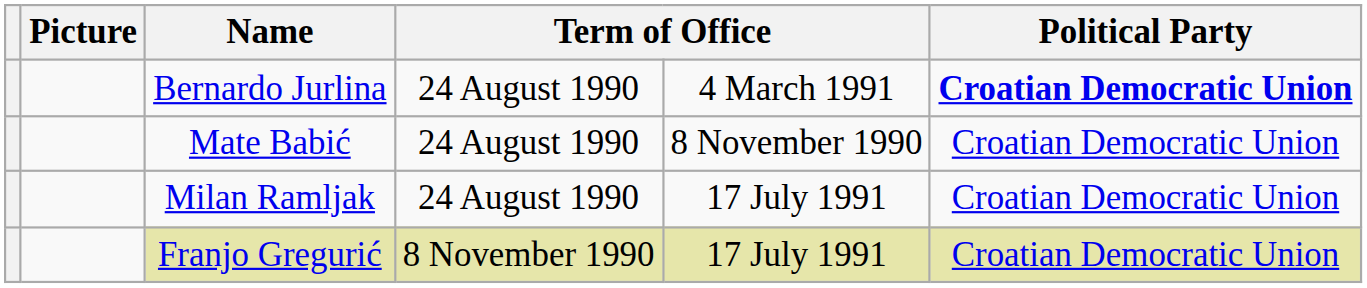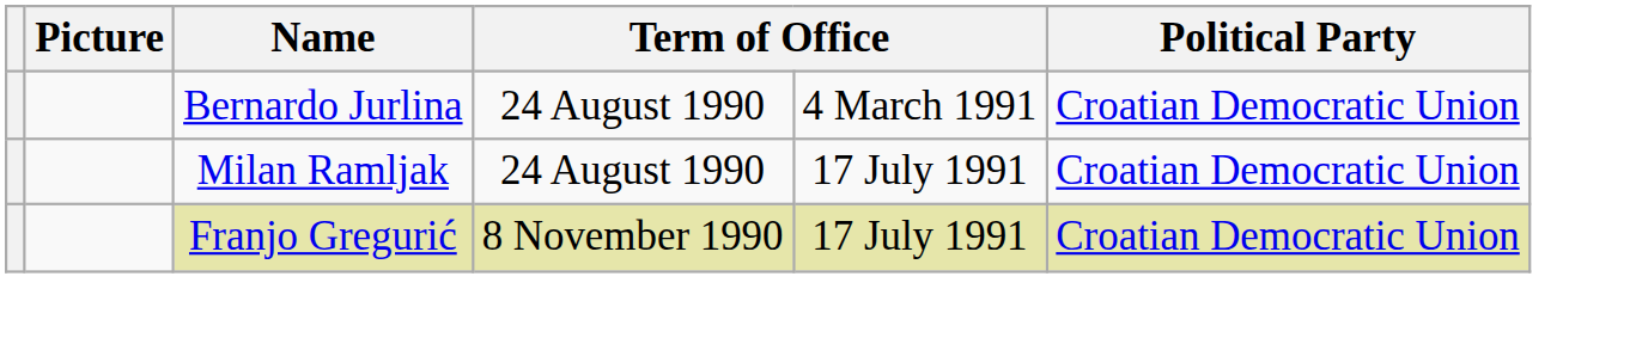 <table class="wikitable" style="text-align:center">
 <tr>
 <th></th>
 <th>Picture</th>
 <th>Name<br></th>
 <th colspan="2">Term of Office</th>
 <th>Political Party</th>
 </tr>
 <tr>
 <th style="background:"></th>
 <td></td>
 <td><a href='#'>Bernardo Jurlina</a><br></td>
 <td>24 August 1990</td>
 <td>4 March 1991</td>
-<td><strong><a href='#'>Croatian Democratic Union</a></strong></td>
-</tr>
-<tr>
-<th style="background:"></th>
-<td></td>
-<td><a href='#'>Mate Babić</a><br></td>
-<td>24 August 1990</td>
-<td>8 November 1990</td>
 <td><a href='#'>Croatian Democratic Union</a></td>
 </tr>
 <tr>
 <th style="background:"></th>
 <td></td>
 <td><a href='#'>Milan Ramljak</a><br></td>
 <td>24 August 1990</td>
 <td>17 July 1991</td>
 <td><a href='#'>Croatian Democratic Union</a></td>
 </tr>
 <tr>
 <th style="background:"></th>
 <td></td>
 <td style="background:#e6e6aa;"><a href='#'>Franjo Gregurić</a><br></td>
 <td style="background:#e6e6aa;">8 November 1990</td>
 <td style="background:#e6e6aa;">17 July 1991</td>
 <td style="background:#e6e6aa;"><a href='#'>Croatian Democratic Union</a></td>
 </tr>
 </table>
